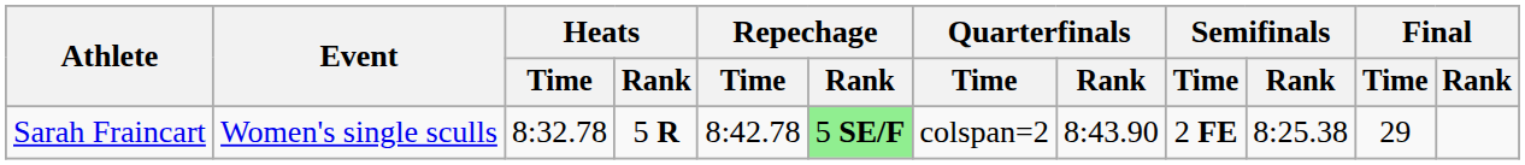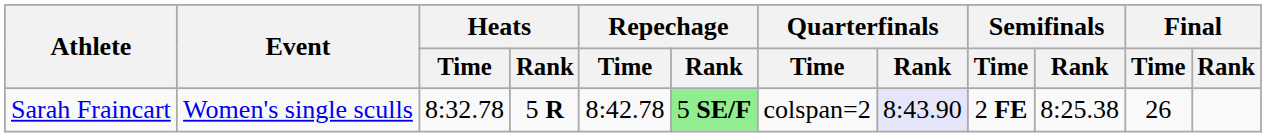 <table class="wikitable" style="font-size:90%">
 <tr>
 <th rowspan="2">Athlete</th>
 <th rowspan="2">Event</th>
 <th colspan="2">Heats</th>
 <th colspan="2">Repechage</th>
 <th colspan="2">Quarterfinals</th>
 <th colspan="2">Semifinals</th>
 <th colspan="2">Final</th>
 </tr>
 <tr style="font-size:95%">
 <th>Time</th>
 <th>Rank</th>
 <th>Time</th>
 <th>Rank</th>
 <th>Time</th>
 <th>Rank</th>
 <th>Time</th>
 <th>Rank</th>
 <th>Time</th>
 <th>Rank</th>
 </tr>
 <tr align=center>
 <td align=left><a href='#'>Sarah Fraincart</a></td>
 <td align=left><a href='#'>Women's single sculls</a></td>
 <td>8:32.78</td>
 <td>5 <strong>R</strong></td>
 <td>8:42.78</td>
 <td style="background: lightgreen;">5 <strong>SE/F</strong></td>
 <td>colspan=2 </td>
-<td>8:43.90</td>
+<td style="background: lavender;">8:43.90</td>
 <td>2 <strong>FE</strong></td>
 <td>8:25.38</td>
-<td>29</td>
+<td>26</td>
 </tr>
 </table>
